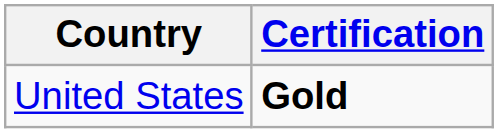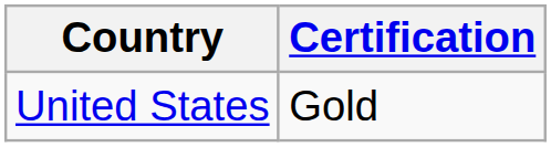 <table class="wikitable">
 <tr>
 <th scope="col">Country</th>
 <th scope="col"><a href='#'>Certification</a></th>
 </tr>
 <tr>
 <td><a href='#'>United States</a></td>
-<td><strong>Gold</strong></td>
+<td>Gold</td>
 </tr>
 </table>
